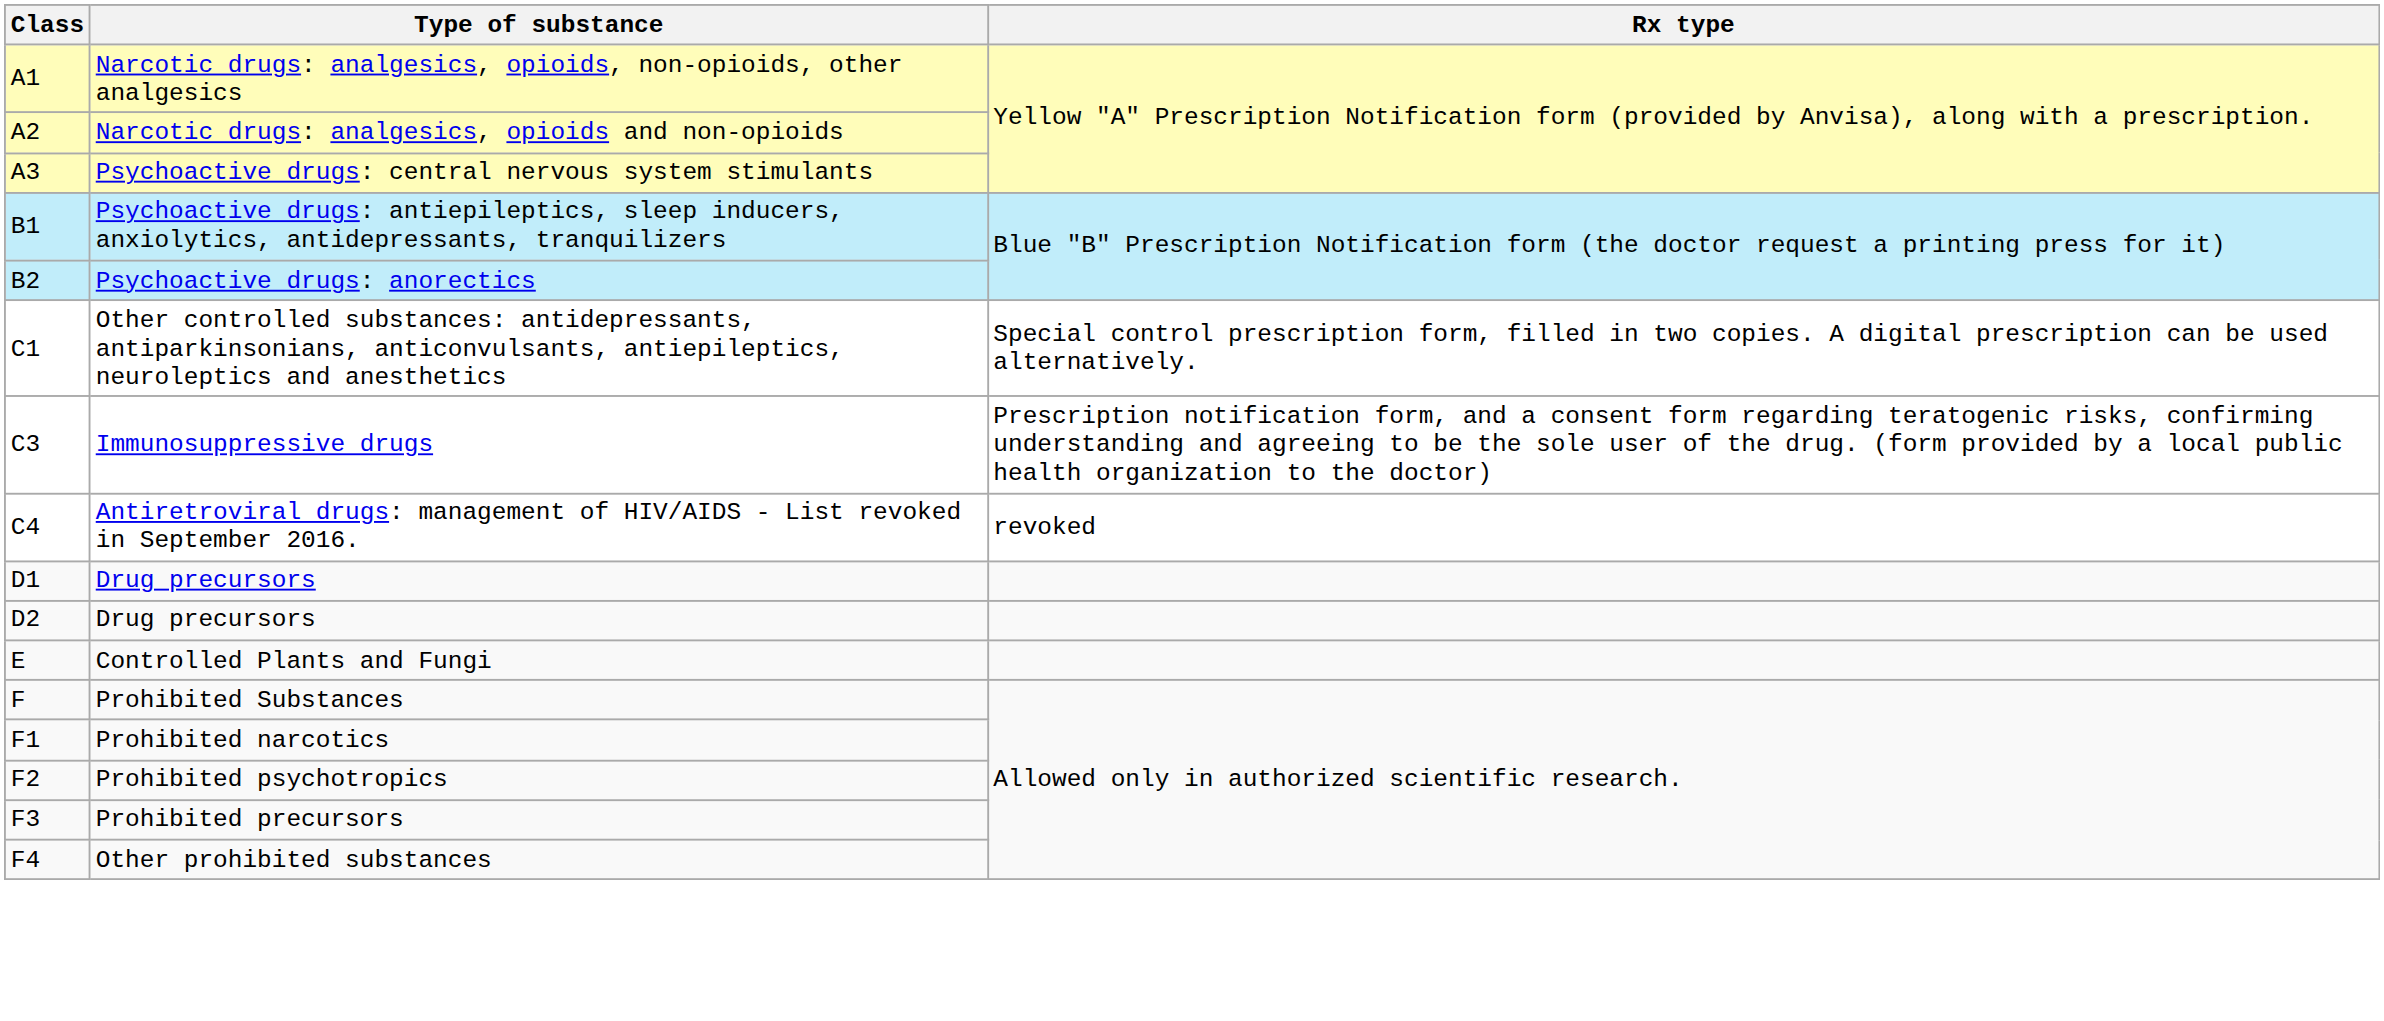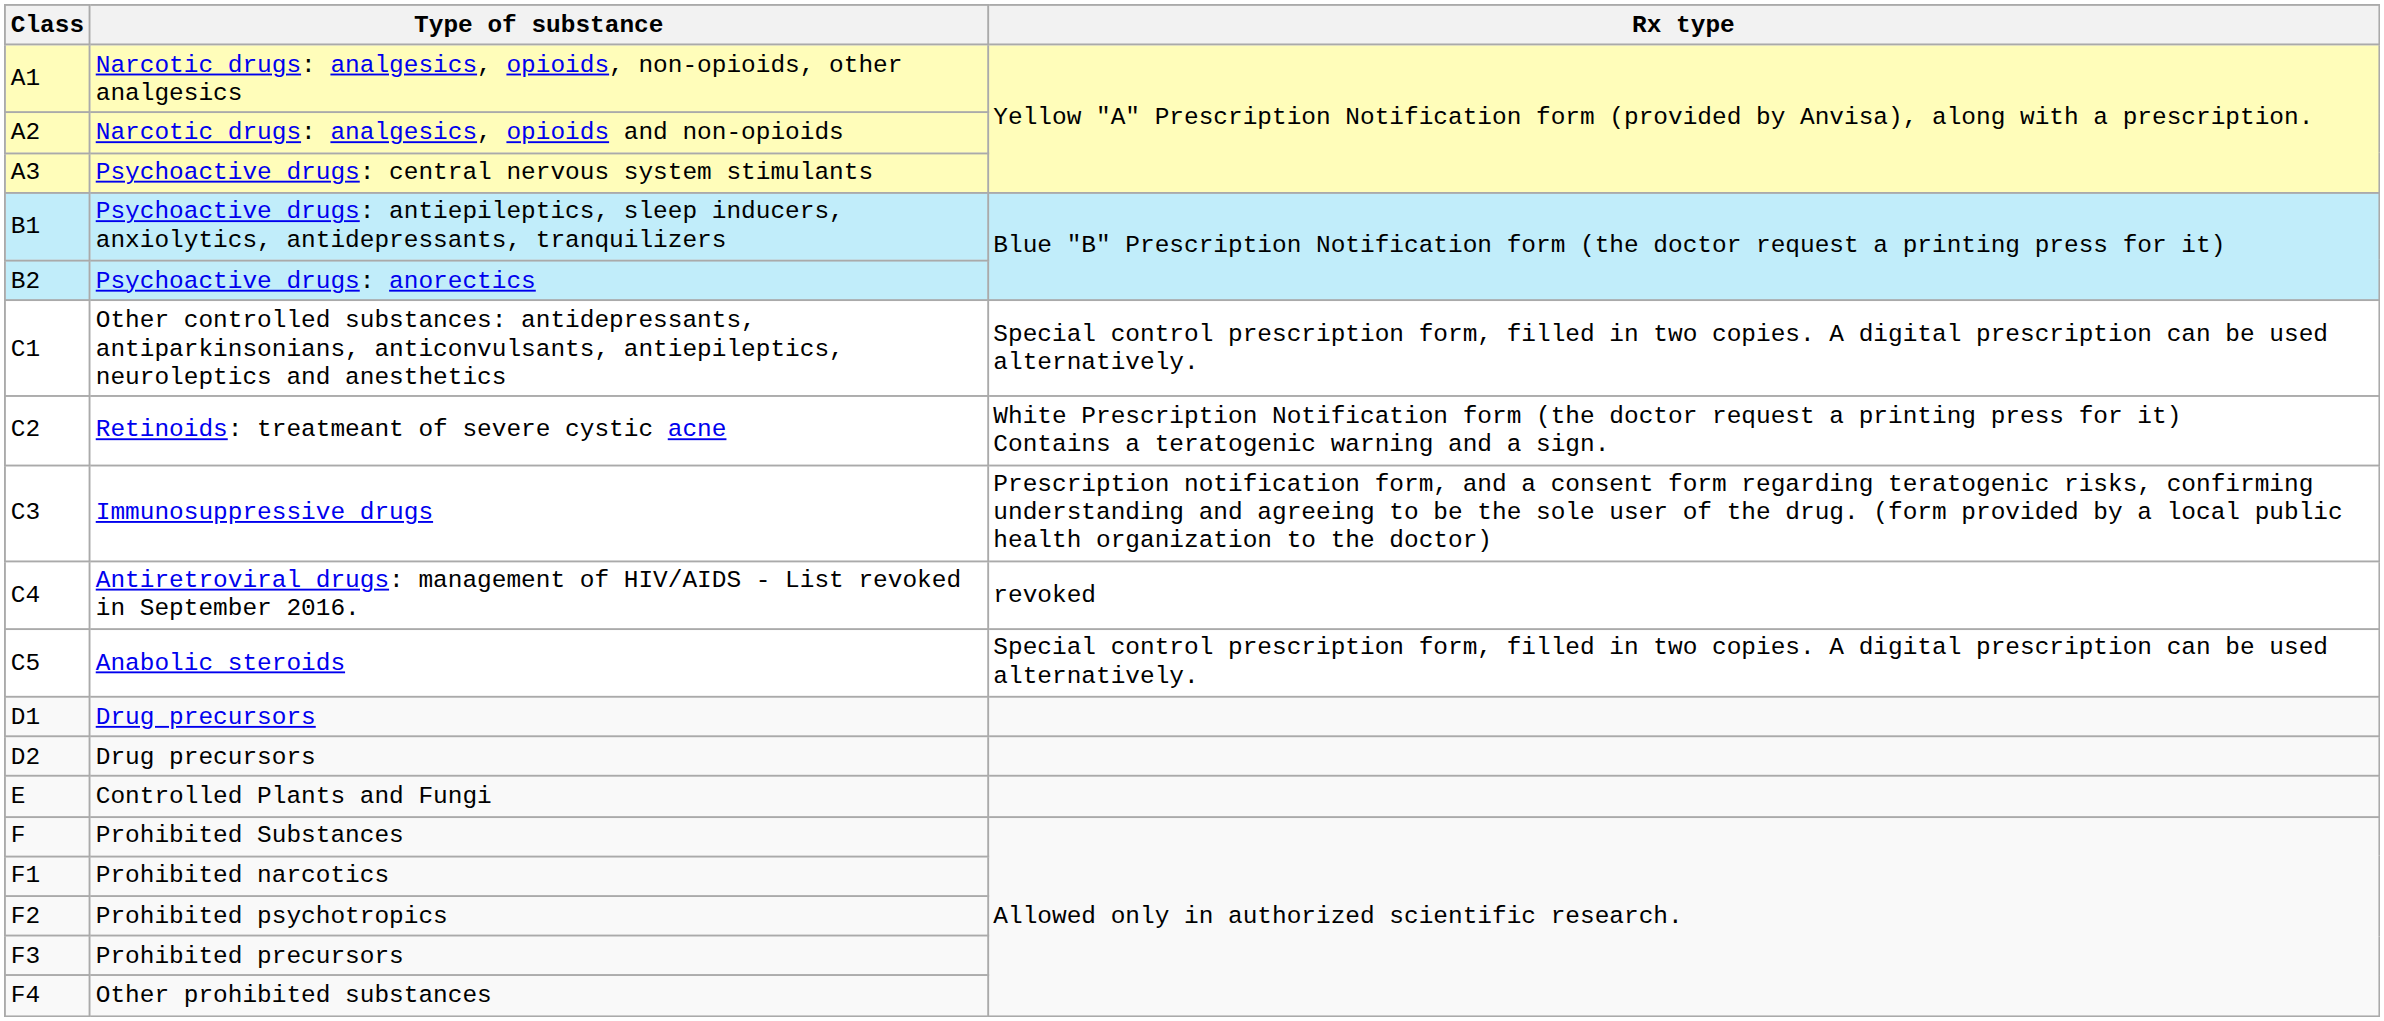 <table class="wikitable" style="margin:1em auto;">
 <tr>
 <th>Class</th>
 <th>Type of substance</th>
 <th><strong>Rx type</strong></th>
 </tr>
 <tr style="background: #fffdba;">
 <td>A1</td>
 <td><a href='#'>Narcotic drugs</a>: <a href='#'>analgesics</a>, <a href='#'>opioids</a>, non-opioids, other analgesics</td>
 <td rowspan="3">Yellow "A" Prescription Notification form (provided by Anvisa), along with a prescription.</td>
 </tr>
 <tr style="background: #fffdba;">
 <td>A2</td>
 <td><a href='#'>Narcotic drugs</a>: <a href='#'>analgesics</a>, <a href='#'>opioids</a> and non-opioids</td>
 </tr>
 <tr style="background: #fffdba;">
 <td>A3</td>
 <td><a href='#'>Psychoactive drugs</a>: central nervous system stimulants</td>
 </tr>
 <tr style="background: #c1edfa;">
 <td>B1</td>
 <td><a href='#'>Psychoactive drugs</a>:  antiepileptics, sleep inducers, anxiolytics, antidepressants, tranquilizers</td>
 <td rowspan="2">Blue "B" Prescription Notification form (the doctor request a printing press for it)</td>
 </tr>
 <tr style="background: #c1edfa;">
 <td>B2</td>
 <td><a href='#'>Psychoactive drugs</a>: <a href='#'>anorectics</a></td>
 </tr>
 <tr style="background: white;">
 <td>C1</td>
 <td>Other controlled substances: antidepressants, antiparkinsonians, anticonvulsants, antiepileptics, neuroleptics and anesthetics</td>
 <td>Special control prescription form, filled in two copies. A digital prescription can be used alternatively.</td>
 </tr>
 <tr style="background: white;">
+<td>C2</td>
+<td><a href='#'>Retinoids</a>: treatmeant of severe cystic <a href='#'>acne</a></td>
+<td>White Prescription Notification form (the doctor request a printing press for it)<br> Contains a teratogenic warning and a sign.</td>
+</tr>
+<tr style="background: white;">
 <td>C3</td>
 <td><a href='#'>Immunosuppressive drugs</a></td>
 <td>Prescription notification form, and a consent form regarding teratogenic risks, confirming understanding and agreeing to be the sole user of the drug. (form provided by a local public health organization to the doctor)</td>
 </tr>
 <tr style="background: white;">
 <td>C4</td>
 <td><a href='#'>Antiretroviral drugs</a>: management of HIV/AIDS - List revoked in September 2016.</td>
 <td>revoked</td>
+</tr>
+<tr style="background: white;">
+<td>C5</td>
+<td><a href='#'>Anabolic steroids</a></td>
+<td>Special control prescription form, filled in two copies. A digital prescription can be used alternatively.</td>
 </tr>
 <tr>
 <td>D1</td>
 <td><a href='#'>Drug precursors</a></td>
 <td></td>
 </tr>
 <tr>
 <td>D2</td>
 <td>Drug precursors</td>
 <td></td>
 </tr>
 <tr>
 <td>E</td>
 <td>Controlled Plants and Fungi</td>
 <td></td>
 </tr>
 <tr>
 <td>F</td>
 <td>Prohibited Substances</td>
 <td rowspan="5">Allowed only in authorized scientific research.</td>
 </tr>
 <tr>
 <td>F1</td>
 <td>Prohibited narcotics</td>
 </tr>
 <tr>
 <td>F2</td>
 <td>Prohibited psychotropics</td>
 </tr>
 <tr>
 <td>F3</td>
 <td>Prohibited precursors</td>
 </tr>
 <tr>
 <td>F4</td>
 <td>Other prohibited substances</td>
 </tr>
 </table>
